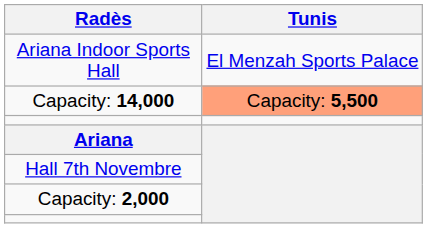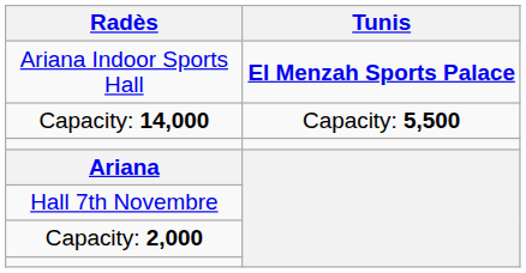 <table class="wikitable" style="text-align:center">
 <tr>
 <th><a href='#'>Radès</a></th>
 <th><a href='#'>Tunis</a></th>
 </tr>
 <tr>
 <td><a href='#'>Ariana Indoor Sports Hall</a></td>
-<td><a href='#'>El Menzah Sports Palace</a></td>
+<td><strong><a href='#'>El Menzah Sports Palace</a></strong></td>
 </tr>
 <tr>
 <td>Capacity: <strong>14,000</strong></td>
-<td style="background: lightsalmon;">Capacity: <strong>5,500</strong></td>
+<td>Capacity: <strong>5,500</strong></td>
 </tr>
 <tr>
 <td></td>
 <td></td>
 </tr>
 <tr>
 <th width=160><a href='#'>Ariana</a></th>
 <th rowspan=8><br></th>
 </tr>
 <tr>
 <td><a href='#'>Hall 7th Novembre</a></td>
 </tr>
 <tr>
 <td>Capacity: <strong>2,000</strong></td>
 </tr>
 <tr>
 <td></td>
 </tr>
 </table>
